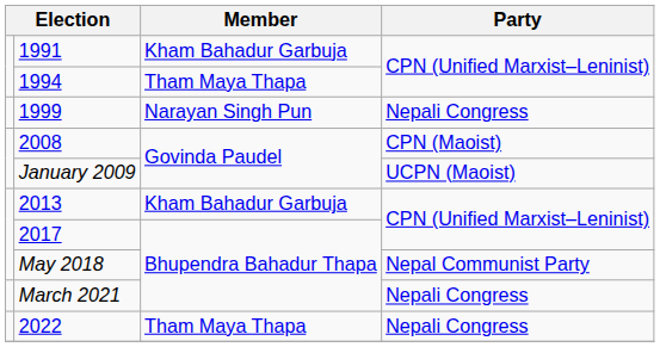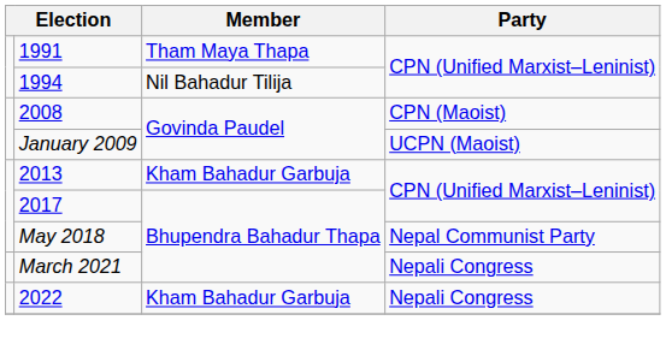 <table class="wikitable">
 <tr>
 <th colspan="2">Election</th>
 <th>Member</th>
 <th>Party</th>
 </tr>
 <tr>
 <td rowspan="2" style="background-color:"></td>
 <td><a href='#'>1991</a></td>
-<td><a href='#'>Kham Bahadur Garbuja</a></td>
+<td><a href='#'>Tham Maya Thapa</a></td>
 <td rowspan="2"><a href='#'>CPN (Unified Marxist–Leninist)</a></td>
 </tr>
 <tr>
 <td><a href='#'>1994</a></td>
-<td><a href='#'>Tham Maya Thapa</a></td>
-</tr>
-<tr>
-<td style="background-color:"></td>
-<td><a href='#'>1999</a></td>
-<td><a href='#'>Narayan Singh Pun</a></td>
-<td><a href='#'>Nepali Congress</a></td>
+<td>Nil Bahadur Tilija</td>
 </tr>
 <tr>
 <td rowspan="2" style="background-color:"></td>
 <td><a href='#'>2008</a></td>
 <td rowspan="2"><a href='#'>Govinda Paudel</a></td>
 <td><a href='#'>CPN (Maoist)</a></td>
 </tr>
 <tr>
 <td><em>January 2009</em></td>
 <td><a href='#'>UCPN (Maoist)</a></td>
 </tr>
 <tr>
 <td rowspan="3" style="background-color:"></td>
 <td><a href='#'>2013</a></td>
 <td><a href='#'>Kham Bahadur Garbuja</a></td>
 <td rowspan="2"><a href='#'>CPN (Unified Marxist–Leninist)</a></td>
 </tr>
 <tr>
 <td><a href='#'>2017</a></td>
 <td rowspan="3"><a href='#'>Bhupendra Bahadur Thapa</a></td>
 </tr>
 <tr>
 <td><em>May 2018</em></td>
 <td><a href='#'>Nepal Communist Party</a></td>
 </tr>
 <tr>
 <td></td>
 <td><em>March 2021</em></td>
 <td><a href='#'>Nepali Congress</a></td>
 </tr>
 <tr>
 <td style="background-color:"></td>
 <td><a href='#'>2022</a></td>
-<td><a href='#'>Tham Maya Thapa</a></td>
+<td><a href='#'>Kham Bahadur Garbuja</a></td>
 <td><a href='#'>Nepali Congress</a></td>
 </tr>
 <tr>
 </tr>
 </table>
